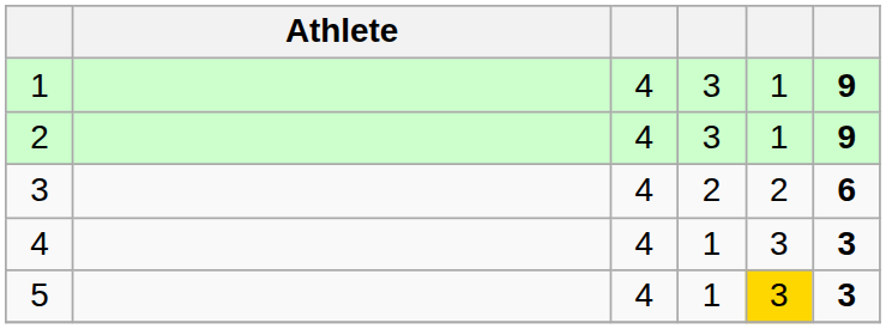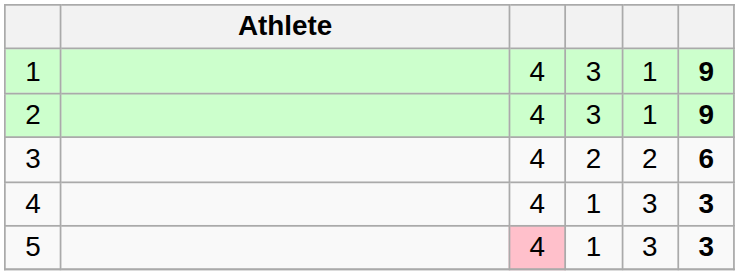 <table class="wikitable" style="text-align: center; font-size:100% ">
 <tr>
 <th width=25></th>
 <th width=250>Athlete</th>
 <th width=25></th>
 <th width=25></th>
 <th width=25></th>
 <th width=25></th>
 </tr>
 <tr bgcolor="ccffcc">
 <td>1</td>
 <td align=left></td>
 <td>4</td>
 <td>3</td>
 <td>1</td>
 <td><strong>9</strong></td>
 </tr>
 <tr bgcolor="ccffcc">
 <td>2</td>
 <td align=left></td>
 <td>4</td>
 <td>3</td>
 <td>1</td>
 <td><strong>9</strong></td>
 </tr>
 <tr>
 <td>3</td>
 <td align=left></td>
 <td>4</td>
 <td>2</td>
 <td>2</td>
 <td><strong>6</strong></td>
 </tr>
 <tr>
 <td>4</td>
 <td align=left></td>
 <td>4</td>
 <td>1</td>
 <td>3</td>
 <td><strong>3</strong></td>
 </tr>
 <tr>
 <td>5</td>
 <td align=left></td>
-<td>4</td>
+<td style="background: pink;">4</td>
 <td>1</td>
-<td style="background: gold;">3</td>
+<td>3</td>
 <td><strong>3</strong></td>
 </tr>
 <tr>
 </tr>
 </table>
